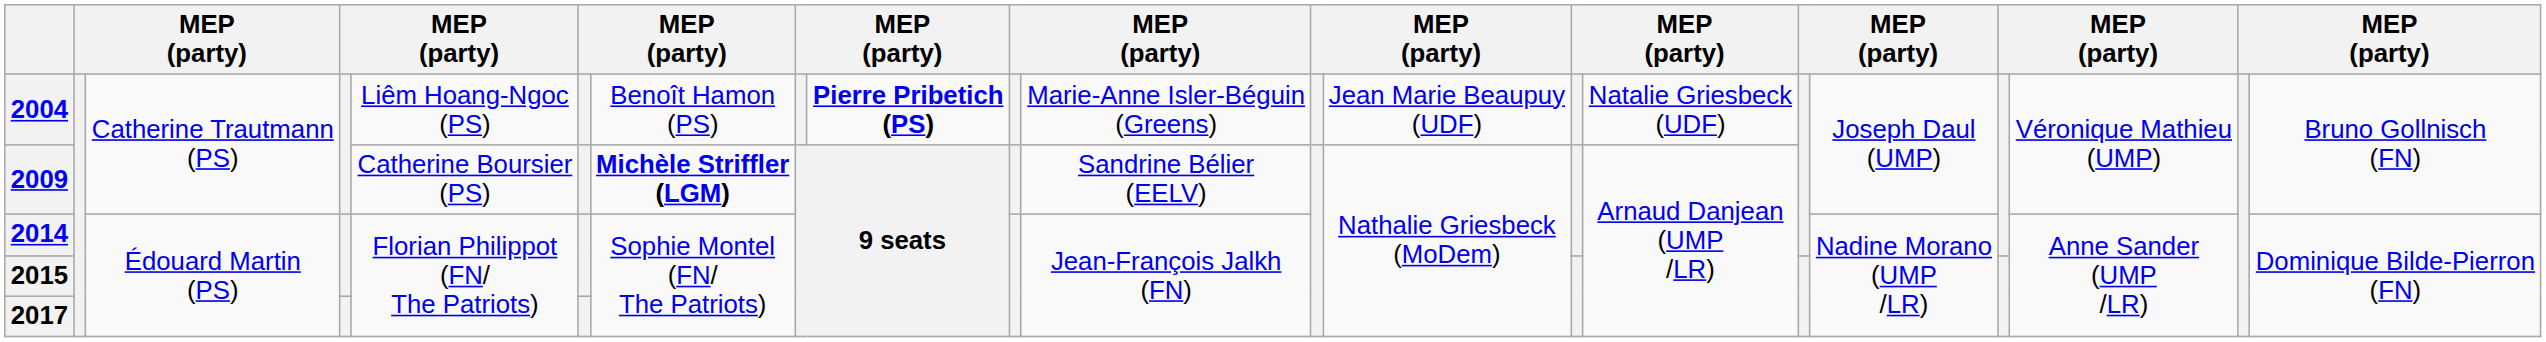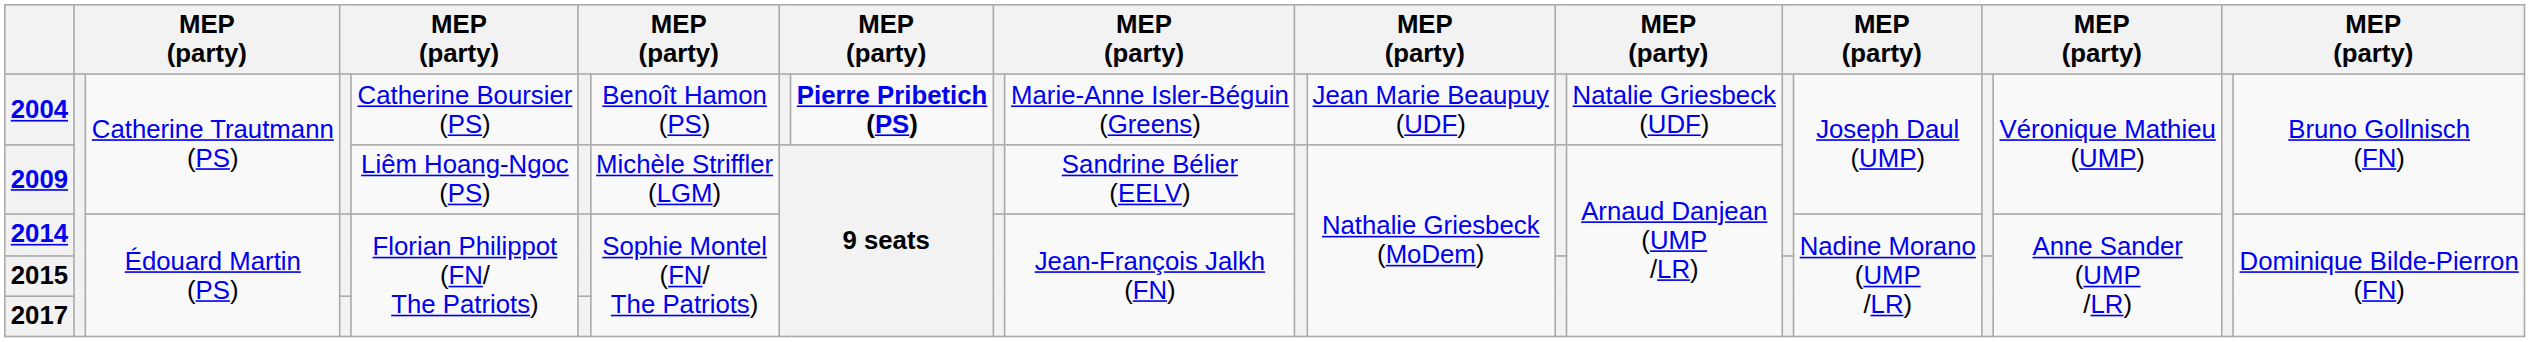 <table class="wikitable" style="text-align:center">
 <tr>
 <th></th>
 <th colspan=2>MEP<br>(party)</th>
 <th colspan=2>MEP<br>(party)</th>
 <th colspan=2>MEP<br>(party)</th>
 <th colspan=2>MEP<br>(party)</th>
 <th colspan=2>MEP<br>(party)</th>
 <th colspan=2>MEP<br>(party)</th>
 <th colspan=2>MEP<br>(party)</th>
 <th colspan=2>MEP<br>(party)</th>
 <th colspan=2>MEP<br>(party)</th>
 <th colspan=2>MEP<br>(party)</th>
 </tr>
 <tr>
 <th><a href='#'>2004</a></th>
 <th rowspan=5 style="background-color: "></th>
 <td rowspan=2><a href='#'>Catherine Trautmann</a><br>(<a href='#'>PS</a>)</td>
 <th rowspan=2 style="background-color: "></th>
-<td rowspan=1><a href='#'>Liêm Hoang-Ngoc</a><br>(<a href='#'>PS</a>)</td>
+<td rowspan=1><a href='#'>Catherine Boursier</a><br>(<a href='#'>PS</a>)</td>
 <th rowspan=1 style="background-color: "></th>
 <td rowspan=1><a href='#'>Benoît Hamon</a><br>(<a href='#'>PS</a>)</td>
 <th rowspan=1 style="background-color: "></th>
 <td rowspan=1><strong><a href='#'>Pierre Pribetich</a><br>(<a href='#'>PS</a>)</strong></td>
 <th rowspan=1 style="background-color: "></th>
 <td rowspan=1><a href='#'>Marie-Anne Isler-Béguin</a><br>(<a href='#'>Greens</a>)</td>
 <th rowspan=1 style="background-color: "></th>
 <td rowspan=1><a href='#'>Jean Marie Beaupuy</a><br>(<a href='#'>UDF</a>)</td>
 <th rowspan=1 style="background-color: "></th>
 <td rowspan=1><a href='#'>Natalie Griesbeck</a><br>(<a href='#'>UDF</a>)</td>
 <th rowspan=3 style="background-color: "></th>
 <td rowspan=2><a href='#'>Joseph Daul</a><br>(<a href='#'>UMP</a>)</td>
 <th rowspan=3 style="background-color: "></th>
 <td rowspan=2><a href='#'>Véronique Mathieu</a><br>(<a href='#'>UMP</a>)</td>
 <th rowspan=5 style="background-color: "></th>
 <td rowspan=2><a href='#'>Bruno Gollnisch</a><br>(<a href='#'>FN</a>)</td>
 </tr>
 <tr>
 <th><a href='#'>2009</a></th>
-<td rowspan=1><a href='#'>Catherine Boursier</a><br>(<a href='#'>PS</a>)</td>
+<td rowspan=1><a href='#'>Liêm Hoang-Ngoc</a><br>(<a href='#'>PS</a>)</td>
 <th rowspan=1 style="background-color: "></th>
-<td rowspan=1><strong><a href='#'>Michèle Striffler</a><br>(<a href='#'>LGM</a>)</strong></td>
+<td rowspan=1><a href='#'>Michèle Striffler</a><br>(<a href='#'>LGM</a>)</td>
 <th colspan=2; rowspan=4>9 seats</th>
 <th rowspan=1 style="background-color: "></th>
 <td rowspan=1><a href='#'>Sandrine Bélier</a><br>(<a href='#'>EELV</a>)</td>
 <th rowspan=4 style="background-color: "></th>
 <td rowspan=4><a href='#'>Nathalie Griesbeck</a><br>(<a href='#'>MoDem</a>)</td>
 <th rowspan=2 style="background-color: "></th>
 <td rowspan=4><a href='#'>Arnaud Danjean</a><br>(<a href='#'>UMP</a><br>/<a href='#'>LR</a>)</td>
 </tr>
 <tr>
 <th><a href='#'>2014</a></th>
 <td rowspan=3><a href='#'>Édouard Martin</a><br>(<a href='#'>PS</a>)</td>
 <th rowspan=2 style="background-color: "></th>
 <td rowspan=3><a href='#'>Florian Philippot</a><br>(<a href='#'>FN</a>/<br><a href='#'>The Patriots</a>)</td>
 <th rowspan=2 style="background-color: "></th>
 <td rowspan=3><a href='#'>Sophie Montel</a><br>(<a href='#'>FN</a>/<br><a href='#'>The Patriots</a>)</td>
 <th rowspan=3 style="background-color: "></th>
 <td rowspan=3><a href='#'>Jean-François Jalkh</a><br>(<a href='#'>FN</a>)</td>
 <td rowspan=3><a href='#'>Nadine Morano</a><br>(<a href='#'>UMP</a><br>/<a href='#'>LR</a>)</td>
 <td rowspan=3><a href='#'>Anne Sander</a><br>(<a href='#'>UMP</a><br>/<a href='#'>LR</a>)</td>
 <td rowspan=3><a href='#'>Dominique Bilde-Pierron</a><br>(<a href='#'>FN</a>)</td>
 </tr>
 <tr>
 <th>2015</th>
 <th rowspan=2 style="background-color: "></th>
 <th rowspan=2 style="background-color: "></th>
 <th rowspan=2 style="background-color: "></th>
 </tr>
 <tr>
 <th>2017</th>
 <th rowspan=1 style="background-color: "></th>
 <th rowspan=1 style="background-color: "></th>
 </tr>
 </table>
